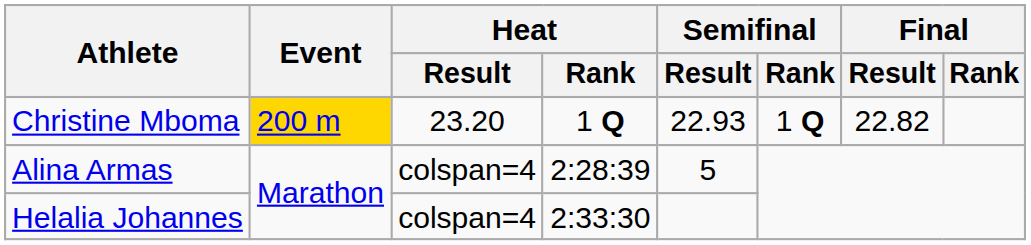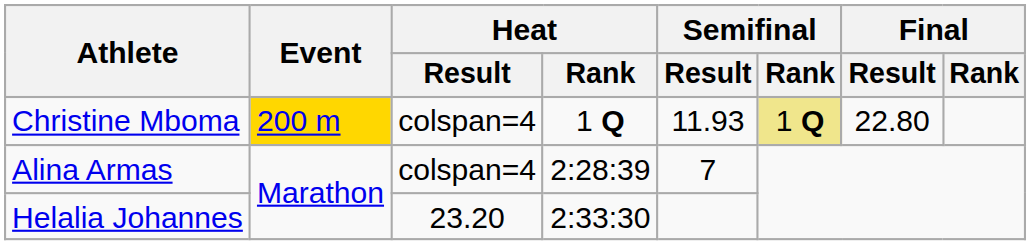 <table class="wikitable" style="font-size:90%; text-align:center">
 <tr>
 <th rowspan=2>Athlete</th>
 <th rowspan=2>Event</th>
 <th colspan=2>Heat</th>
 <th colspan=2>Semifinal</th>
 <th colspan=2>Final</th>
 </tr>
 <tr style="font-size:95%">
 <th>Result</th>
 <th>Rank</th>
 <th>Result</th>
 <th>Rank</th>
 <th>Result</th>
 <th>Rank</th>
 </tr>
 <tr>
 <td align=left><a href='#'>Christine Mboma</a></td>
 <td align=left rowspan=1 style="background: gold;"><a href='#'>200 m</a></td>
-<td>23.20</td>
+<td>colspan=4 </td>
 <td>1 <strong>Q</strong></td>
-<td>22.93</td>
-<td>1 <strong>Q</strong></td>
-<td>22.82</td>
+<td>11.93</td>
+<td style="background: khaki;">1 <strong>Q</strong></td>
+<td>22.80</td>
 <td></td>
 </tr>
 <tr>
 <td align=left><a href='#'>Alina Armas</a></td>
 <td align=left rowspan=2><a href='#'>Marathon</a></td>
 <td>colspan=4 </td>
 <td>2:28:39</td>
-<td>5</td>
+<td>7</td>
 </tr>
 <tr>
 <td align=left><a href='#'>Helalia Johannes</a></td>
-<td>colspan=4 </td>
+<td>23.20</td>
 <td>2:33:30</td>
 <td></td>
 </tr>
 </table>
